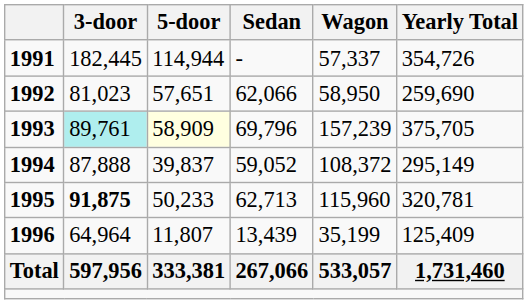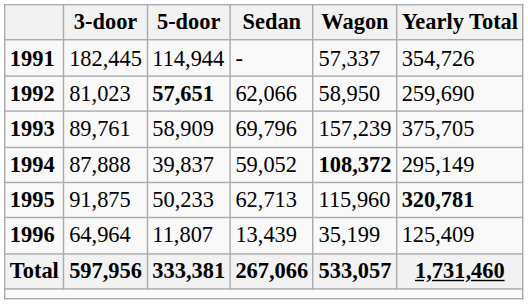 <table class="wikitable">
 <tr>
 <th></th>
 <th>3-door</th>
 <th>5-door</th>
 <th>Sedan</th>
 <th>Wagon</th>
 <th>Yearly Total</th>
 </tr>
 <tr>
 <td><strong>1991</strong></td>
 <td>182,445</td>
 <td>114,944</td>
 <td>-</td>
 <td>57,337</td>
 <td>354,726</td>
 </tr>
 <tr>
 <td><strong>1992</strong></td>
 <td>81,023</td>
-<td>57,651</td>
+<td><strong>57,651</strong></td>
 <td>62,066</td>
 <td>58,950</td>
 <td>259,690</td>
 </tr>
 <tr>
 <td><strong>1993</strong></td>
-<td style="background: paleturquoise;">89,761</td>
-<td style="background: lightyellow;">58,909</td>
+<td>89,761</td>
+<td>58,909</td>
 <td>69,796</td>
 <td>157,239</td>
 <td>375,705</td>
 </tr>
 <tr>
 <td><strong>1994</strong></td>
 <td>87,888</td>
 <td>39,837</td>
 <td>59,052</td>
-<td>108,372</td>
+<td><strong>108,372</strong></td>
 <td>295,149</td>
 </tr>
 <tr>
 <td><strong>1995</strong></td>
-<td><strong>91,875</strong></td>
+<td>91,875</td>
 <td>50,233</td>
 <td>62,713</td>
 <td>115,960</td>
-<td>320,781</td>
+<td><strong>320,781</strong></td>
 </tr>
 <tr>
 <td><strong>1996</strong></td>
 <td>64,964</td>
 <td>11,807</td>
 <td>13,439</td>
 <td>35,199</td>
 <td>125,409</td>
 </tr>
 <tr>
 <th>Total</th>
 <th>597,956</th>
 <th>333,381</th>
 <th>267,066</th>
 <th>533,057</th>
 <th><u>1,731,460</u></th>
 </tr>
 <tr>
 <td colspan="6"></td>
 </tr>
 </table>
